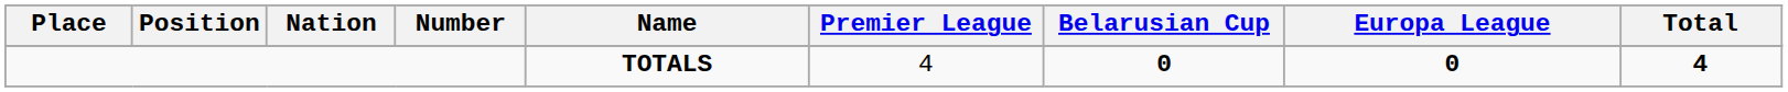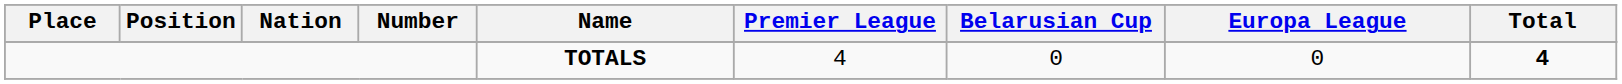 <table class="wikitable" style="font-size: 95%; text-align: center;">
 <tr>
 <th width=60>Place</th>
 <th width=60>Position</th>
 <th width=60>Nation</th>
 <th width=60>Number</th>
 <th width=150>Name</th>
 <th width=120><a href='#'>Premier League</a></th>
 <th width=120><a href='#'>Belarusian Cup</a></th>
 <th width=180><a href='#'>Europa League</a></th>
 <th width=80>Total</th>
 </tr>
 <tr>
 </tr>
 <tr>
 <td colspan="4"></td>
 <td><strong>TOTALS</strong></td>
 <td>4</td>
-<td><strong>0</strong></td>
-<td><strong>0</strong></td>
+<td>0</td>
+<td>0</td>
 <td><strong>4</strong></td>
 </tr>
 </table>
